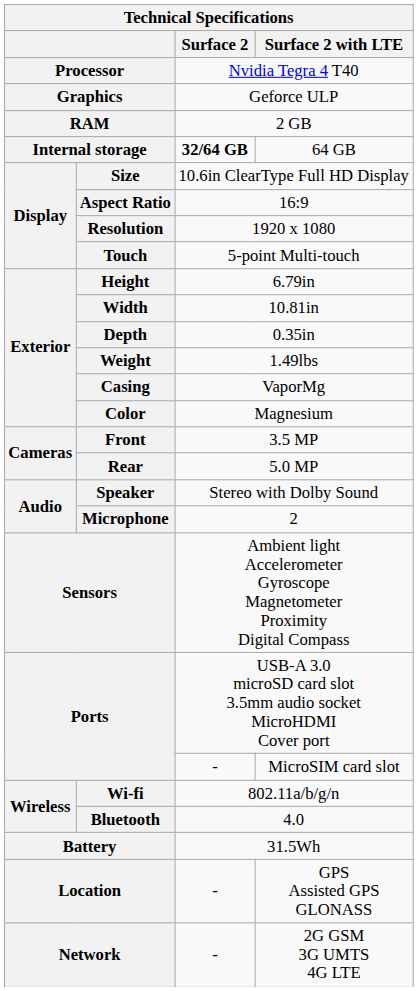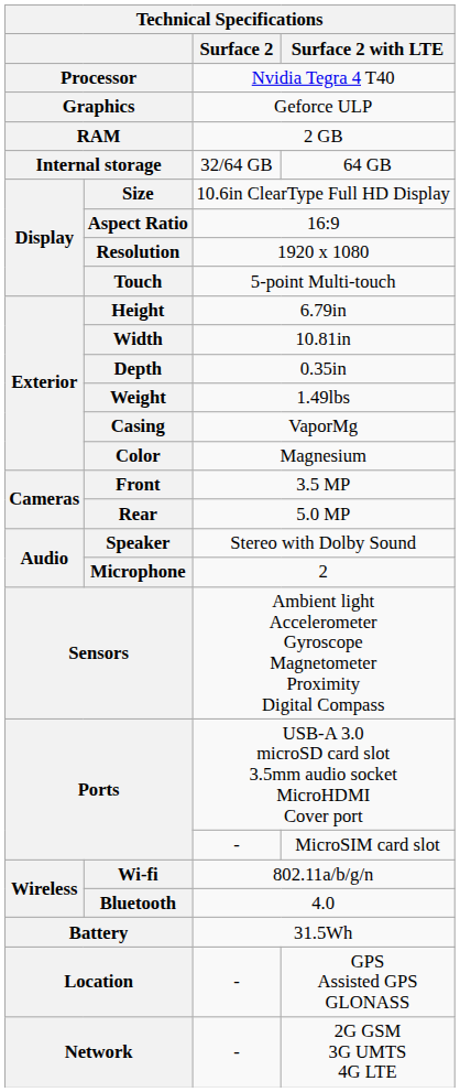 <table class="wikitable mw-collapsible" style="text-align:center">
 <tr>
 <th colspan="4">Technical Specifications</th>
 </tr>
 <tr>
 <th colspan="2"></th>
 <th>Surface 2</th>
 <th>Surface 2 with LTE</th>
 </tr>
 <tr>
 <th colspan="2">Processor</th>
 <td colspan="2"><a href='#'>Nvidia Tegra 4</a> T40</td>
 </tr>
 <tr>
 <th colspan="2">Graphics</th>
 <td colspan="2">Geforce ULP</td>
 </tr>
 <tr>
 <th colspan="2">RAM</th>
 <td colspan="2">2 GB</td>
 </tr>
 <tr>
 <th colspan="2">Internal storage</th>
-<td><strong>32/64 GB</strong></td>
+<td>32/64 GB</td>
 <td>64 GB</td>
 </tr>
 <tr>
 <th rowspan="4">Display</th>
 <th>Size</th>
 <td colspan="2">10.6in ClearType Full HD Display</td>
 </tr>
 <tr>
 <th>Aspect Ratio</th>
 <td colspan="2">16:9</td>
 </tr>
 <tr>
 <th>Resolution</th>
 <td colspan="2">1920 x 1080</td>
 </tr>
 <tr>
 <th>Touch</th>
 <td colspan="2">5-point Multi-touch</td>
 </tr>
 <tr>
 <th rowspan="6">Exterior</th>
 <th>Height</th>
 <td colspan="2">6.79in</td>
 </tr>
 <tr>
 <th>Width</th>
 <td colspan="2">10.81in</td>
 </tr>
 <tr>
 <th>Depth</th>
 <td colspan="2">0.35in</td>
 </tr>
 <tr>
 <th>Weight</th>
 <td colspan="2">1.49lbs</td>
 </tr>
 <tr>
 <th>Casing</th>
 <td colspan="2">VaporMg</td>
 </tr>
 <tr>
 <th>Color</th>
 <td colspan="2">Magnesium</td>
 </tr>
 <tr>
 <th rowspan="2">Cameras</th>
 <th>Front</th>
 <td colspan="2">3.5 MP</td>
 </tr>
 <tr>
 <th>Rear</th>
 <td colspan="2">5.0 MP</td>
 </tr>
 <tr>
 <th rowspan="2">Audio</th>
 <th>Speaker</th>
 <td colspan="2">Stereo with Dolby Sound</td>
 </tr>
 <tr>
 <th>Microphone</th>
 <td colspan="2">2</td>
 </tr>
 <tr>
 <th colspan="2">Sensors</th>
 <td colspan="2">Ambient light<br>Accelerometer<br>Gyroscope<br>Magnetometer<br>Proximity<br>Digital Compass</td>
 </tr>
 <tr>
 <th colspan="2" rowspan="2">Ports</th>
 <td colspan="2">USB-A 3.0<br>microSD card slot<br>3.5mm audio socket<br>MicroHDMI<br>Cover port</td>
 </tr>
 <tr>
 <td>-</td>
 <td>MicroSIM card slot</td>
 </tr>
 <tr>
 <th rowspan="2">Wireless</th>
 <th>Wi-fi</th>
 <td colspan="2">802.11a/b/g/n</td>
 </tr>
 <tr>
 <th>Bluetooth</th>
 <td colspan="2">4.0</td>
 </tr>
 <tr>
 <th colspan="2">Battery</th>
 <td colspan="2">31.5Wh</td>
 </tr>
 <tr>
 <th colspan="2">Location</th>
 <td>-</td>
 <td>GPS<br>Assisted GPS<br>GLONASS</td>
 </tr>
 <tr>
 <th colspan="2">Network</th>
 <td>-</td>
 <td>2G GSM<br>3G UMTS<br>4G LTE</td>
 </tr>
 </table>
